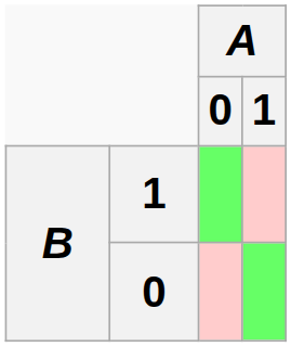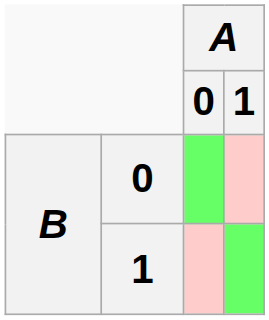 <table class="wikitable" style="float:right;border:none;font-size:150%;">
 <tr>
 <td rowspan="2" colspan="2" style="border:none;width:4em;"></td>
 <th colspan="2"><em>A</em></th>
 </tr>
 <tr>
 <th>0</th>
 <th>1</th>
 </tr>
 <tr>
 <th rowspan="2" style="height:4em;"><em>B</em></th>
-<th>1</th>
+<th>0</th>
 <td style="background:#66ff66;"></td>
 <td style="background:#ffcccc;"></td>
 </tr>
 <tr>
-<th>0</th>
+<th>1</th>
 <td style="background:#ffcccc;"></td>
 <td style="background:#66ff66;"></td>
 </tr>
 </table>
